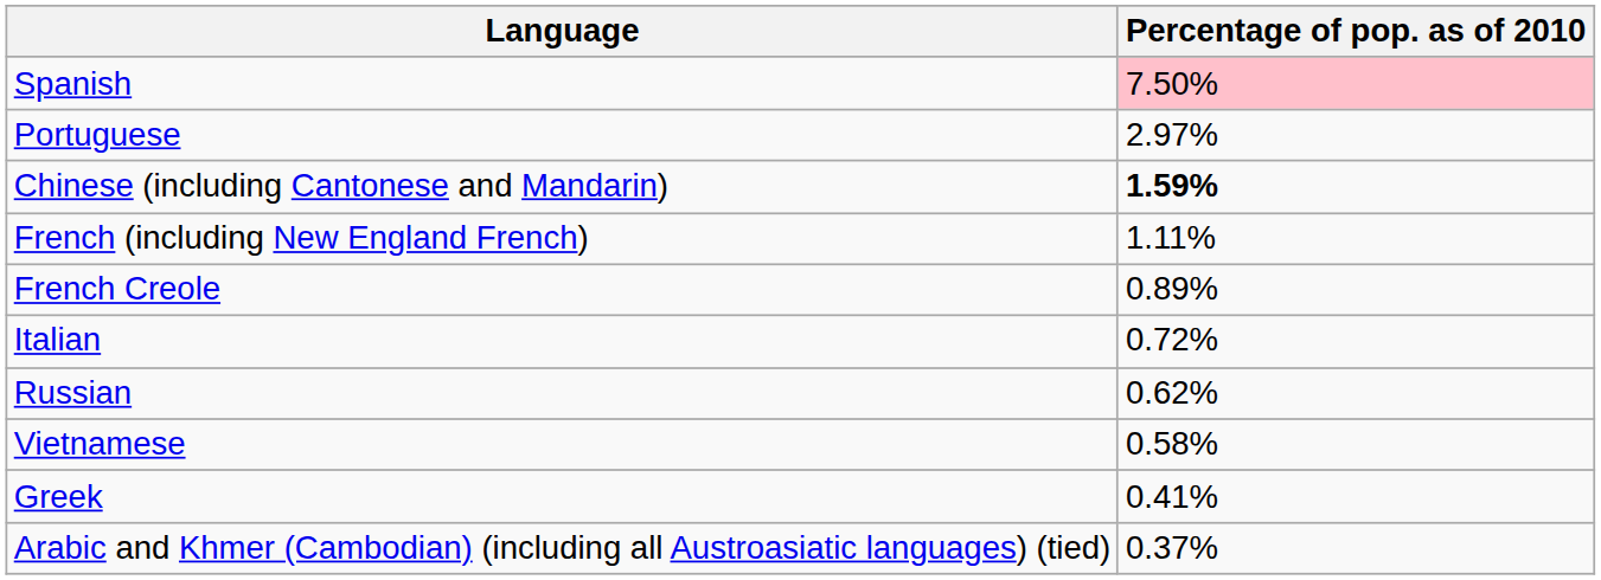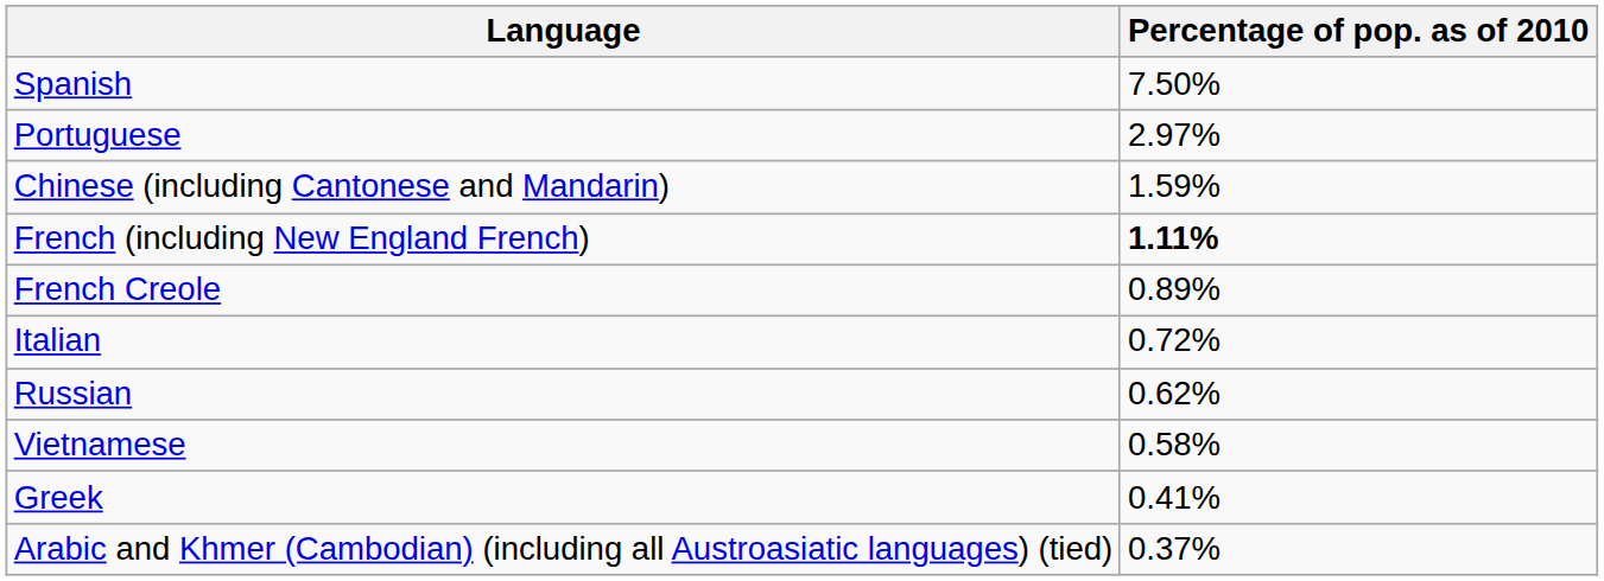 <table class="wikitable sortable" style="margin-left:1em; float:center">
 <tr>
 <th>Language</th>
 <th>Percentage of pop. as of 2010</th>
 </tr>
 <tr>
 <td><a href='#'>Spanish</a></td>
-<td style="background: pink;">7.50%</td>
+<td>7.50%</td>
 </tr>
 <tr>
 <td><a href='#'>Portuguese</a></td>
 <td>2.97%</td>
 </tr>
 <tr>
 <td><a href='#'>Chinese</a> (including <a href='#'>Cantonese</a> and <a href='#'>Mandarin</a>)</td>
-<td><strong>1.59%</strong></td>
+<td>1.59%</td>
 </tr>
 <tr>
 <td><a href='#'>French</a> (including <a href='#'>New England French</a>)</td>
-<td>1.11%</td>
+<td><strong>1.11%</strong></td>
 </tr>
 <tr>
 <td><a href='#'>French Creole</a></td>
 <td>0.89%</td>
 </tr>
 <tr>
 <td><a href='#'>Italian</a></td>
 <td>0.72%</td>
 </tr>
 <tr>
 <td><a href='#'>Russian</a></td>
 <td>0.62%</td>
 </tr>
 <tr>
 <td><a href='#'>Vietnamese</a></td>
 <td>0.58%</td>
 </tr>
 <tr>
 <td><a href='#'>Greek</a></td>
 <td>0.41%</td>
 </tr>
 <tr>
 <td><a href='#'>Arabic</a> and <a href='#'>Khmer (Cambodian)</a> (including all <a href='#'>Austroasiatic languages</a>) (tied)</td>
 <td>0.37%</td>
 </tr>
 </table>
